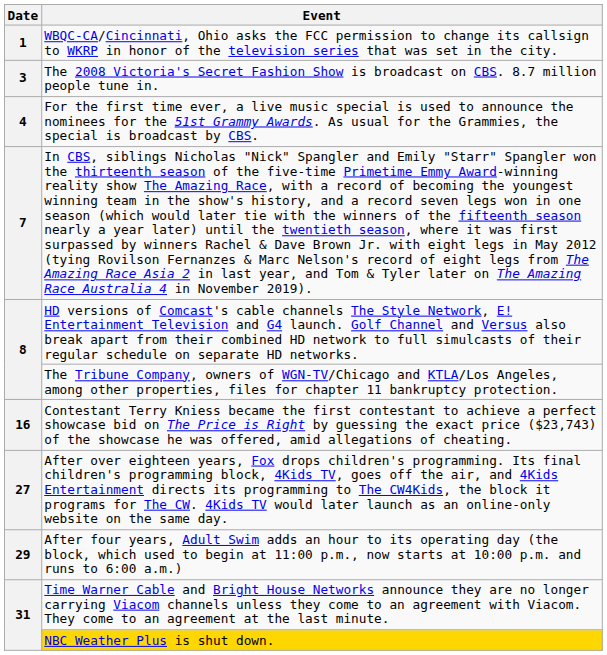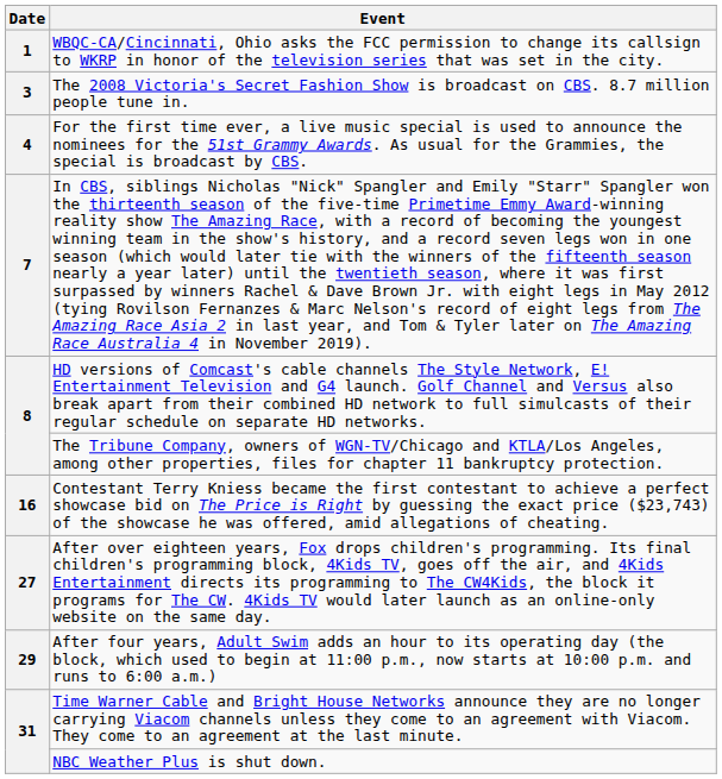 <table class="wikitable">
 <tr>
 <th>Date</th>
 <th>Event</th>
 </tr>
 <tr>
 <th>1</th>
 <td><a href='#'>WBQC-CA</a>/<a href='#'>Cincinnati</a>, Ohio asks the FCC permission to change its callsign to <a href='#'>WKRP</a> in honor of the <a href='#'>television series</a> that was set in the city.</td>
 </tr>
 <tr>
 <th>3</th>
 <td>The <a href='#'>2008 Victoria's Secret Fashion Show</a> is broadcast on <a href='#'>CBS</a>. 8.7 million people tune in.</td>
 </tr>
 <tr>
 <th>4</th>
 <td>For the first time ever, a live music special is used to announce the nominees for the <em><a href='#'>51st Grammy Awards</a></em>. As usual for the Grammies, the special is broadcast by <a href='#'>CBS</a>.</td>
 </tr>
 <tr>
 <th>7</th>
 <td>In <a href='#'>CBS</a>, siblings Nicholas "Nick" Spangler and Emily "Starr" Spangler won the <a href='#'>thirteenth season</a> of the five-time <a href='#'>Primetime Emmy Award</a>-winning reality show <a href='#'>The Amazing Race</a>, with a record of becoming the youngest winning team in the show's history, and a record seven legs won in one season (which would later tie with the winners of the <a href='#'>fifteenth season</a> nearly a year later) until the <a href='#'>twentieth season</a>, where it was first surpassed by winners Rachel & Dave Brown Jr. with eight legs in May 2012 (tying Rovilson Fernanzes & Marc Nelson's record of eight legs from <em><a href='#'>The Amazing Race Asia 2</a></em> in last year, and Tom & Tyler later on <em><a href='#'>The Amazing Race Australia 4</a></em> in November 2019).</td>
 </tr>
 <tr>
 <th rowspan="2">8</th>
 <td><a href='#'>HD</a> versions of <a href='#'>Comcast</a>'s cable channels <a href='#'>The Style Network</a>, <a href='#'>E! Entertainment Television</a> and <a href='#'>G4</a> launch. <a href='#'>Golf Channel</a> and <a href='#'>Versus</a> also break apart from their combined HD network to full simulcasts of their regular schedule on separate HD networks.</td>
 </tr>
 <tr>
 <td>The <a href='#'>Tribune Company</a>, owners of <a href='#'>WGN-TV</a>/Chicago and <a href='#'>KTLA</a>/Los Angeles, among other properties, files for chapter 11 bankruptcy protection.</td>
 </tr>
 <tr>
 <th>16</th>
 <td>Contestant Terry Kniess became the first contestant to achieve a perfect showcase bid on <em><a href='#'>The Price is Right</a></em> by guessing the exact price ($23,743) of the showcase he was offered, amid allegations of cheating.</td>
 </tr>
 <tr>
 <th>27</th>
 <td>After over eighteen years, <a href='#'>Fox</a> drops children's programming. Its final children's programming block, <a href='#'>4Kids TV</a>, goes off the air, and <a href='#'>4Kids Entertainment</a> directs its programming to <a href='#'>The CW4Kids</a>, the block it programs for <a href='#'>The CW</a>. <a href='#'>4Kids TV</a> would later launch as an online-only website on the same day.</td>
 </tr>
 <tr>
 <th>29</th>
 <td>After four years, <a href='#'>Adult Swim</a> adds an hour to its operating day (the block, which used to begin at 11:00 p.m., now starts at 10:00 p.m. and runs to 6:00 a.m.)</td>
 </tr>
 <tr>
 <th rowspan="2">31</th>
 <td><a href='#'>Time Warner Cable</a> and <a href='#'>Bright House Networks</a> announce they are no longer carrying <a href='#'>Viacom</a> channels unless they come to an agreement with Viacom. They come to an agreement at the last minute.</td>
 </tr>
 <tr>
-<td style="background: gold;"><a href='#'>NBC Weather Plus</a> is shut down.</td>
+<td><a href='#'>NBC Weather Plus</a> is shut down.</td>
 </tr>
 </table>
